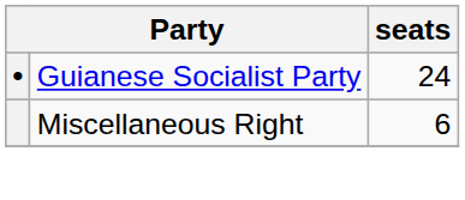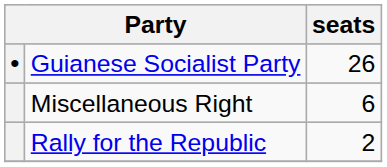 <table class="wikitable" style="font-size: 95%;">
 <tr>
 <th colspan=2>Party</th>
 <th>seats</th>
 </tr>
 <tr>
 <th style="background-color: "><span>•</span></th>
 <td><a href='#'>Guianese Socialist Party</a></td>
-<td align="right">24</td>
+<td align="right">26</td>
 </tr>
 <tr>
 <th style="background-color: "></th>
 <td>Miscellaneous Right</td>
 <td align="right">6</td>
 </tr>
 <tr>
+<th style="background-color: "></th>
+<td><a href='#'>Rally for the Republic</a></td>
+<td align="right">2</td>
+</tr>
+<tr>
 </tr>
 </table>
